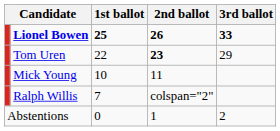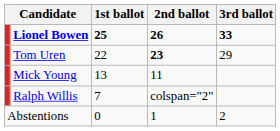 <table class="wikitable">
 <tr>
 <th colspan="2">Candidate</th>
 <th>1st ballot</th>
 <th>2nd ballot</th>
 <th>3rd ballot</th>
 </tr>
 <tr>
 <td style="background:#DC241F"></td>
 <td><strong><a href='#'>Lionel Bowen</a></strong></td>
 <td><strong>25</strong></td>
 <td><strong>26</strong></td>
 <td><strong>33</strong></td>
 </tr>
 <tr>
 <td style="background:#DC241F"></td>
 <td><a href='#'>Tom Uren</a></td>
 <td>22</td>
 <td><strong>23</strong></td>
 <td>29</td>
 </tr>
 <tr>
 <td style="background:#DC241F"></td>
 <td><a href='#'>Mick Young</a></td>
-<td>10</td>
+<td>13</td>
 <td>11</td>
 <td></td>
 </tr>
 <tr>
 <td style="background:#DC241F"></td>
 <td><a href='#'>Ralph Willis</a></td>
 <td>7</td>
 <td>colspan="2" </td>
 </tr>
 <tr>
 <td colspan="2">Abstentions</td>
 <td>0</td>
 <td>1</td>
 <td>2</td>
 </tr>
 </table>
